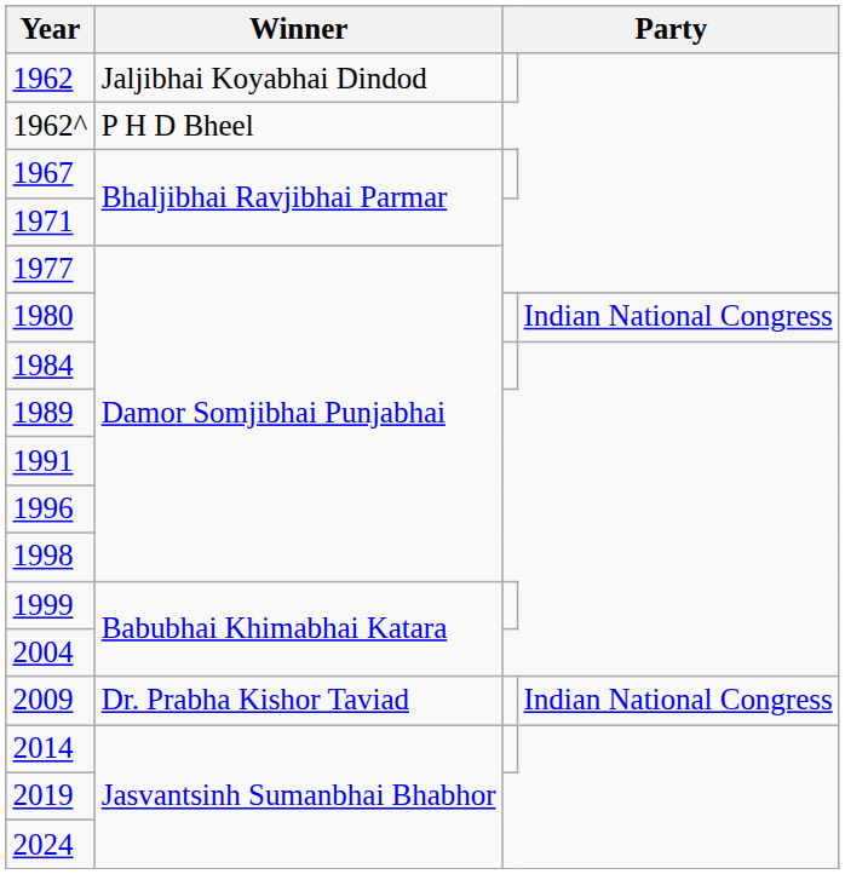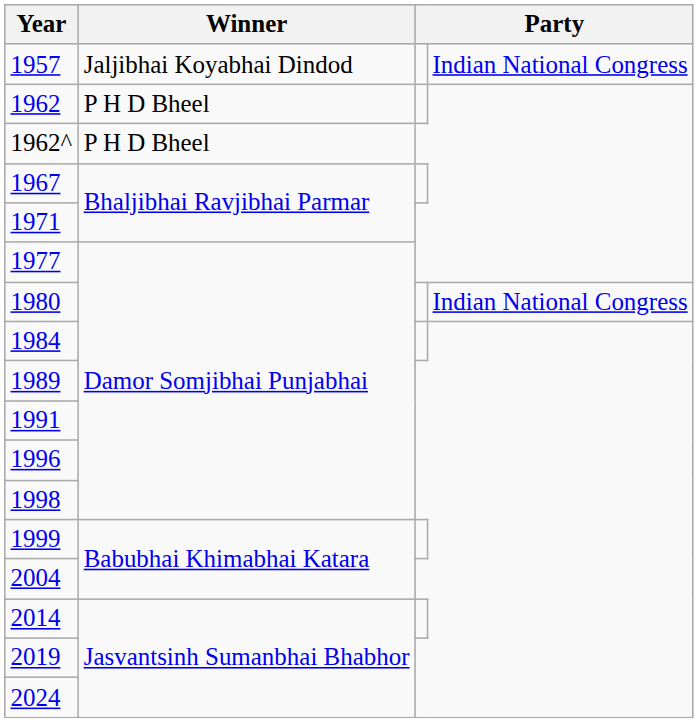 <table class="wikitable sortable">
 <tr>
 <th>Year</th>
 <th>Winner</th>
 <th colspan=2>Party</th>
 </tr>
 <tr>
+<td><a href='#'>1957</a></td>
+<td>Jaljibhai Koyabhai Dindod</td>
+<td bgcolor=></td>
+<td><a href='#'>Indian National Congress</a></td>
+</tr>
+<tr>
 <td><a href='#'>1962</a></td>
-<td>Jaljibhai Koyabhai Dindod</td>
+<td>P H D Bheel</td>
 <td></td>
 </tr>
 <tr>
 <td>1962^</td>
 <td>P H D Bheel</td>
 </tr>
 <tr>
 <td><a href='#'>1967</a></td>
 <td rowspan="2"><a href='#'>Bhaljibhai Ravjibhai Parmar</a></td>
 <td></td>
 </tr>
 <tr>
 <td><a href='#'>1971</a></td>
 </tr>
 <tr>
 <td><a href='#'>1977</a></td>
 <td rowspan="7"><a href='#'>Damor Somjibhai Punjabhai</a></td>
 </tr>
 <tr>
 <td><a href='#'>1980</a></td>
 <td></td>
 <td><a href='#'>Indian National Congress</a></td>
 </tr>
 <tr>
 <td><a href='#'>1984</a></td>
 <td></td>
 </tr>
 <tr>
 <td><a href='#'>1989</a></td>
 </tr>
 <tr>
 <td><a href='#'>1991</a></td>
 </tr>
 <tr>
 <td><a href='#'>1996</a></td>
 </tr>
 <tr>
 <td><a href='#'>1998</a></td>
 </tr>
 <tr>
 <td><a href='#'>1999</a></td>
 <td rowspan="2"><a href='#'>Babubhai Khimabhai Katara</a></td>
 <td></td>
 </tr>
 <tr>
 <td><a href='#'>2004</a></td>
 </tr>
 <tr>
-<td><a href='#'>2009</a></td>
-<td><a href='#'>Dr. Prabha Kishor Taviad</a></td>
-<td bgcolor=></td>
-<td><a href='#'>Indian National Congress</a></td>
-</tr>
-<tr>
 <td><a href='#'>2014</a></td>
 <td rowspan="3"><a href='#'>Jasvantsinh Sumanbhai Bhabhor</a></td>
 <td></td>
 </tr>
 <tr>
 <td><a href='#'>2019</a></td>
 </tr>
 <tr>
 <td><a href='#'>2024</a></td>
 </tr>
 </table>
